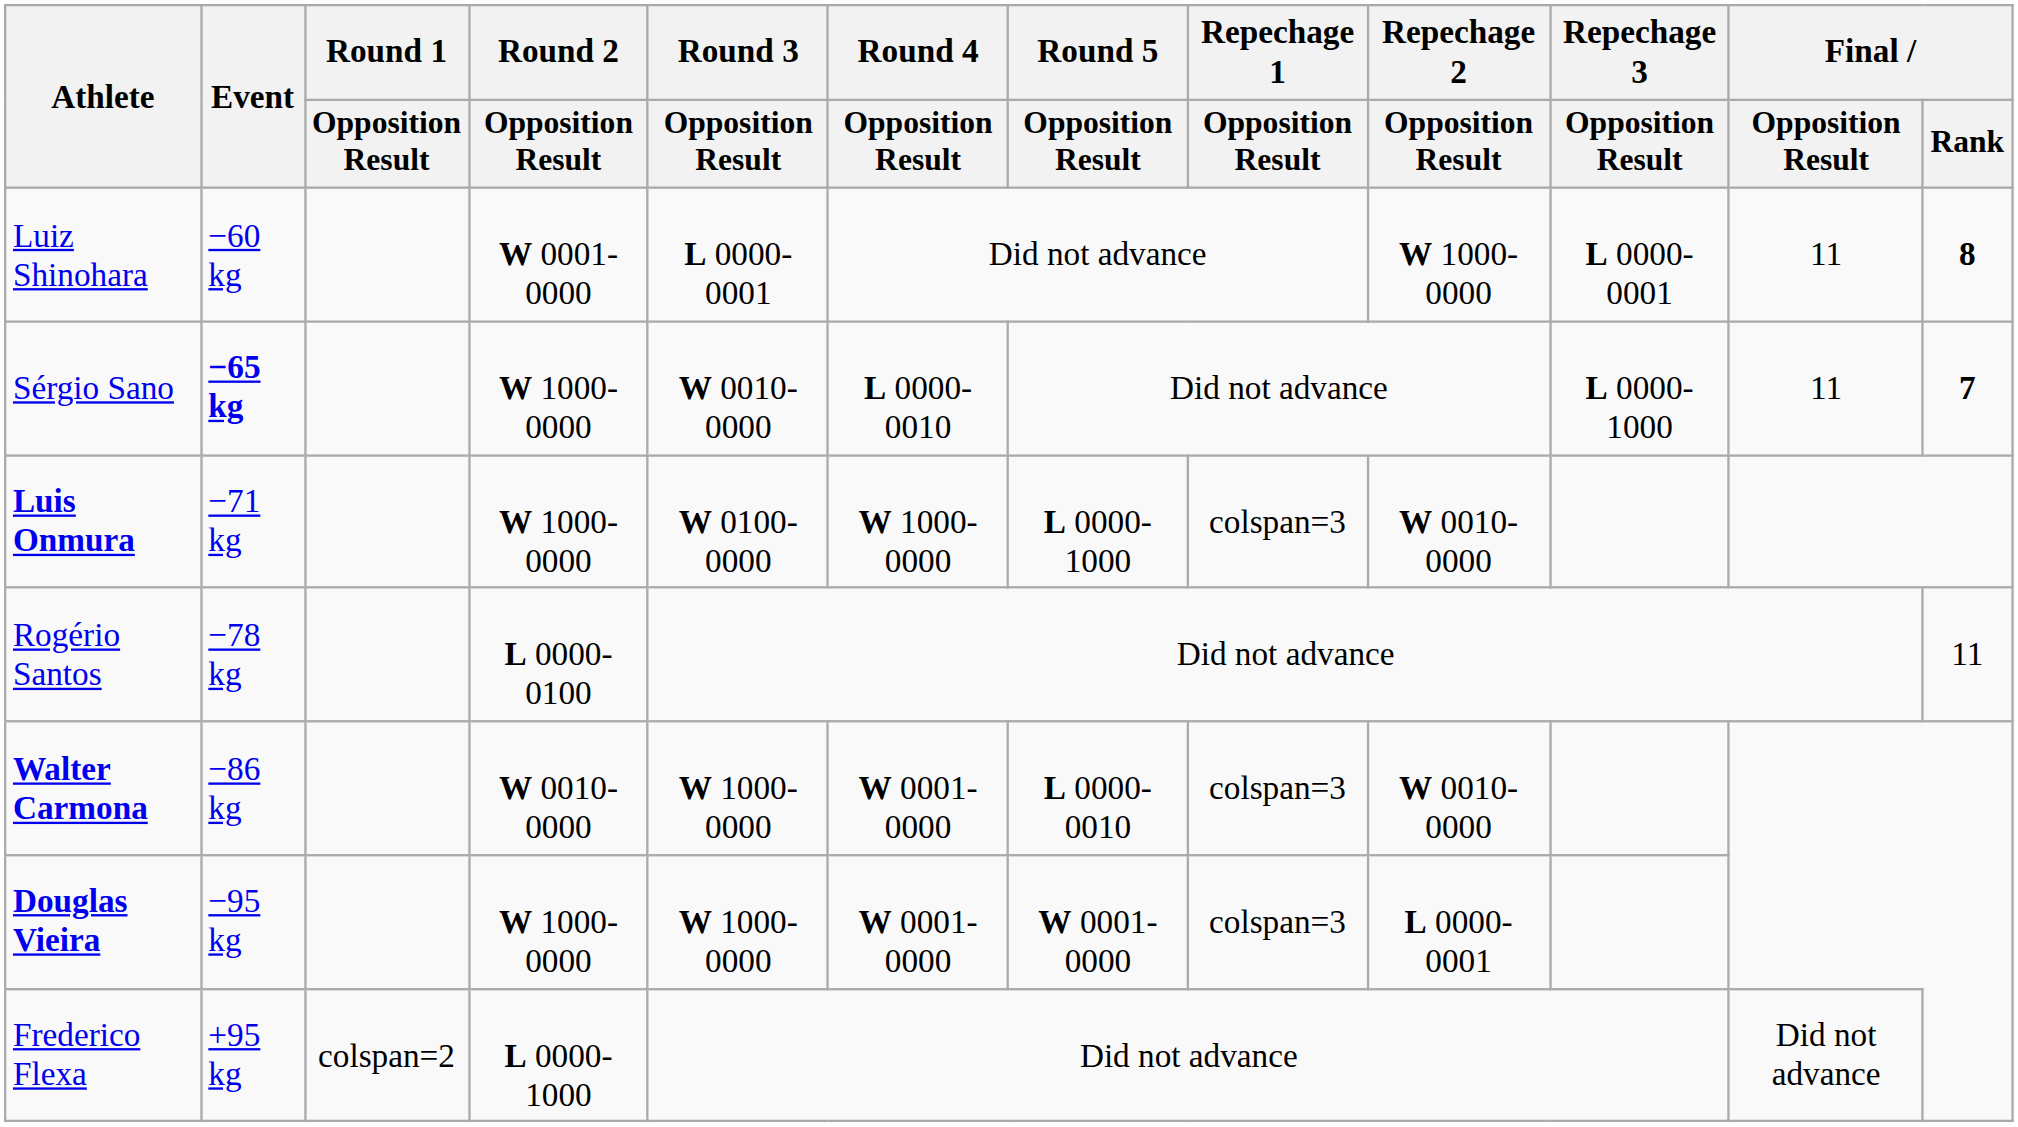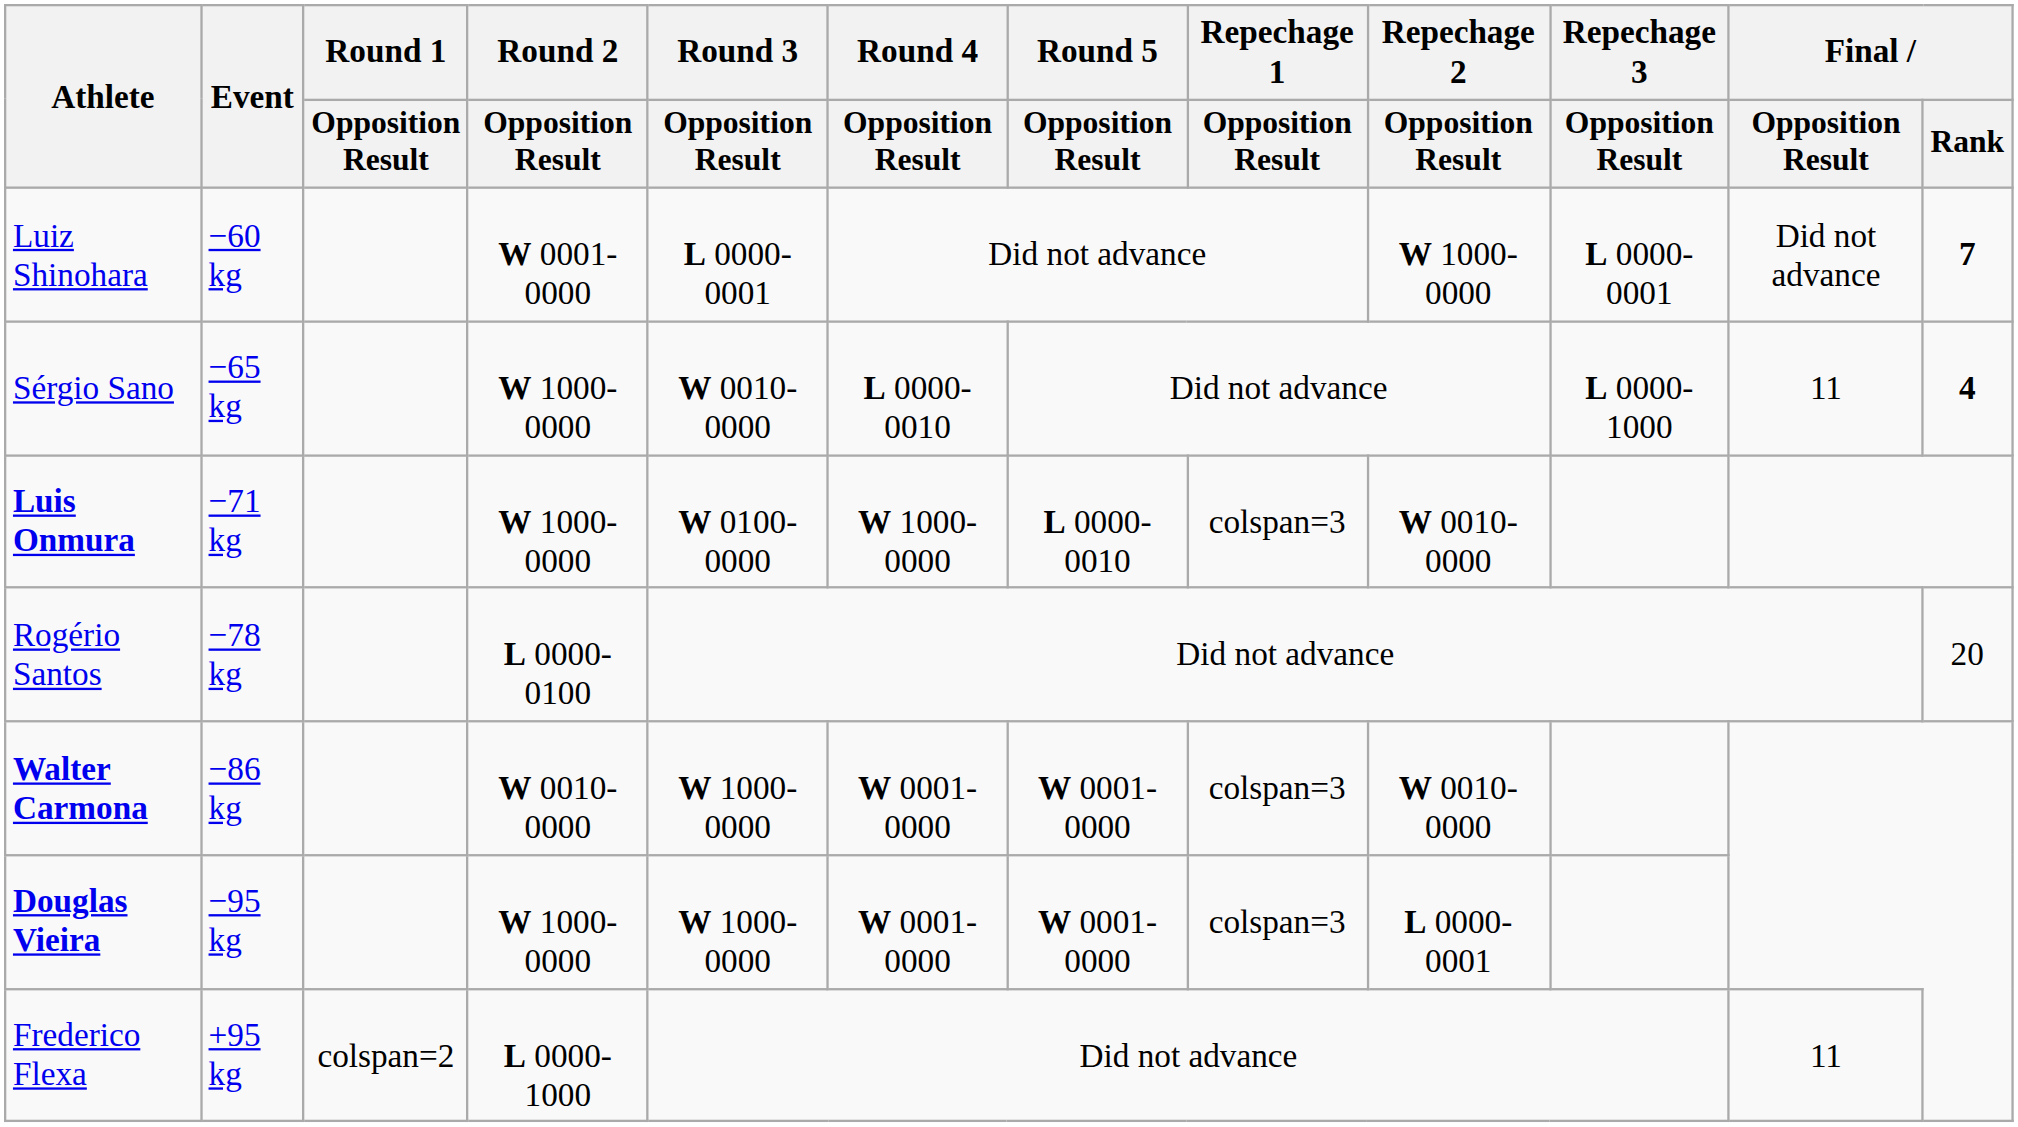 <table class="wikitable" style="font-size:90%">
 <tr>
 <th rowspan="2">Athlete</th>
 <th rowspan="2">Event</th>
 <th>Round 1</th>
 <th>Round 2</th>
 <th>Round 3</th>
 <th>Round 4</th>
 <th>Round 5</th>
 <th>Repechage 1</th>
 <th>Repechage 2</th>
 <th>Repechage 3</th>
 <th colspan=2>Final / </th>
 </tr>
 <tr style="font-size:95%">
 <th>Opposition<br>Result</th>
 <th>Opposition<br>Result</th>
 <th>Opposition<br>Result</th>
 <th>Opposition<br>Result</th>
 <th>Opposition<br>Result</th>
 <th>Opposition<br>Result</th>
 <th>Opposition<br>Result</th>
 <th>Opposition<br>Result</th>
 <th>Opposition<br>Result</th>
 <th>Rank</th>
 </tr>
 <tr align=center>
 <td align=left><a href='#'>Luiz Shinohara</a></td>
 <td align=left><a href='#'>−60 kg</a></td>
 <td></td>
 <td><br><strong>W</strong> 0001-0000</td>
 <td><br><strong>L</strong> 0000-0001</td>
 <td colspan=3>Did not advance</td>
 <td><br><strong>W</strong> 1000-0000</td>
 <td><br><strong>L</strong> 0000-0001</td>
-<td>11</td>
-<td><strong>8</strong></td>
+<td colspan=1>Did not advance</td>
+<td><strong>7</strong></td>
 </tr>
 <tr align=center>
 <td align=left rowspan=1><a href='#'>Sérgio Sano</a></td>
-<td align=left><strong><a href='#'>−65 kg</a></strong></td>
+<td align=left><a href='#'>−65 kg</a></td>
 <td></td>
 <td><br><strong>W</strong> 1000-0000</td>
 <td><br><strong>W</strong> 0010-0000</td>
 <td><br><strong>L</strong> 0000-0010</td>
 <td colspan=3>Did not advance</td>
 <td><br><strong>L</strong> 0000-1000</td>
 <td>11</td>
-<td><strong>7</strong></td>
+<td><strong>4</strong></td>
 </tr>
 <tr align=center>
 <td align=left><strong><a href='#'>Luis Onmura</a></strong></td>
 <td align=left><a href='#'>−71 kg</a></td>
 <td></td>
 <td><br><strong>W</strong> 1000-0000</td>
 <td><br><strong>W</strong> 0100-0000</td>
 <td><br><strong>W</strong> 1000-0000</td>
-<td><br><strong>L</strong> 0000-1000</td>
+<td><br><strong>L</strong> 0000-0010</td>
 <td>colspan=3 </td>
 <td><br><strong>W</strong> 0010-0000</td>
 <td></td>
 </tr>
 <tr align=center>
 <td align=left><a href='#'>Rogério Santos</a></td>
 <td align=left><a href='#'>−78 kg</a></td>
 <td></td>
 <td><br><strong>L</strong> 0000-0100</td>
 <td colspan=7>Did not advance</td>
-<td>11</td>
+<td>20</td>
 </tr>
 <tr align=center>
 <td align=left rowspan=1><strong><a href='#'>Walter Carmona</a></strong></td>
 <td align=left><a href='#'>−86 kg</a></td>
 <td></td>
 <td><br><strong>W</strong> 0010-0000</td>
 <td><br><strong>W</strong> 1000-0000</td>
 <td><br><strong>W</strong> 0001-0000</td>
-<td><br><strong>L</strong> 0000-0010</td>
+<td><br><strong>W</strong> 0001-0000</td>
 <td>colspan=3 </td>
 <td><br><strong>W</strong> 0010-0000</td>
 <td></td>
 </tr>
 <tr align=center>
 <td align=left rowspan=1><strong><a href='#'>Douglas Vieira</a></strong></td>
 <td align=left><a href='#'>−95 kg</a></td>
 <td></td>
 <td><br><strong>W</strong> 1000-0000</td>
 <td><br><strong>W</strong> 1000-0000</td>
 <td><br><strong>W</strong> 0001-0000</td>
 <td><br><strong>W</strong> 0001-0000</td>
 <td>colspan=3 </td>
 <td><br><strong>L</strong> 0000-0001</td>
 <td></td>
 </tr>
 <tr align=center>
 <td align=left rowspan=1><a href='#'>Frederico Flexa</a></td>
 <td align=left><a href='#'>+95 kg</a></td>
 <td>colspan=2 </td>
 <td><br><strong>L</strong> 0000-1000</td>
 <td colspan=6>Did not advance</td>
-<td colspan=1>Did not advance</td>
+<td>11</td>
 </tr>
 </table>
